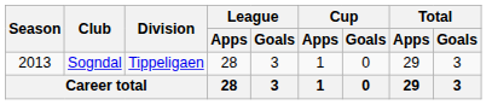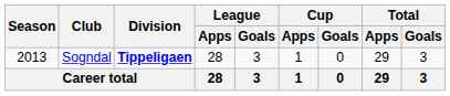 <table class="wikitable" style="text-align: center">
 <tr>
 <th rowspan="2">Season</th>
 <th rowspan="2">Club</th>
 <th rowspan="2">Division</th>
 <th colspan="2">League</th>
 <th colspan="2">Cup</th>
 <th colspan="2">Total</th>
 </tr>
 <tr>
 <th>Apps</th>
 <th>Goals</th>
 <th>Apps</th>
 <th>Goals</th>
 <th>Apps</th>
 <th>Goals</th>
 </tr>
 <tr>
 <td>2013</td>
 <td><a href='#'>Sogndal</a></td>
-<td><a href='#'>Tippeligaen</a></td>
+<td><strong><a href='#'>Tippeligaen</a></strong></td>
 <td>28</td>
 <td>3</td>
 <td>1</td>
 <td>0</td>
 <td>29</td>
 <td>3</td>
 </tr>
 <tr>
 <th colspan="3">Career total</th>
 <th>28</th>
 <th>3</th>
 <th>1</th>
 <th>0</th>
 <th>29</th>
 <th>3</th>
 </tr>
 </table>
